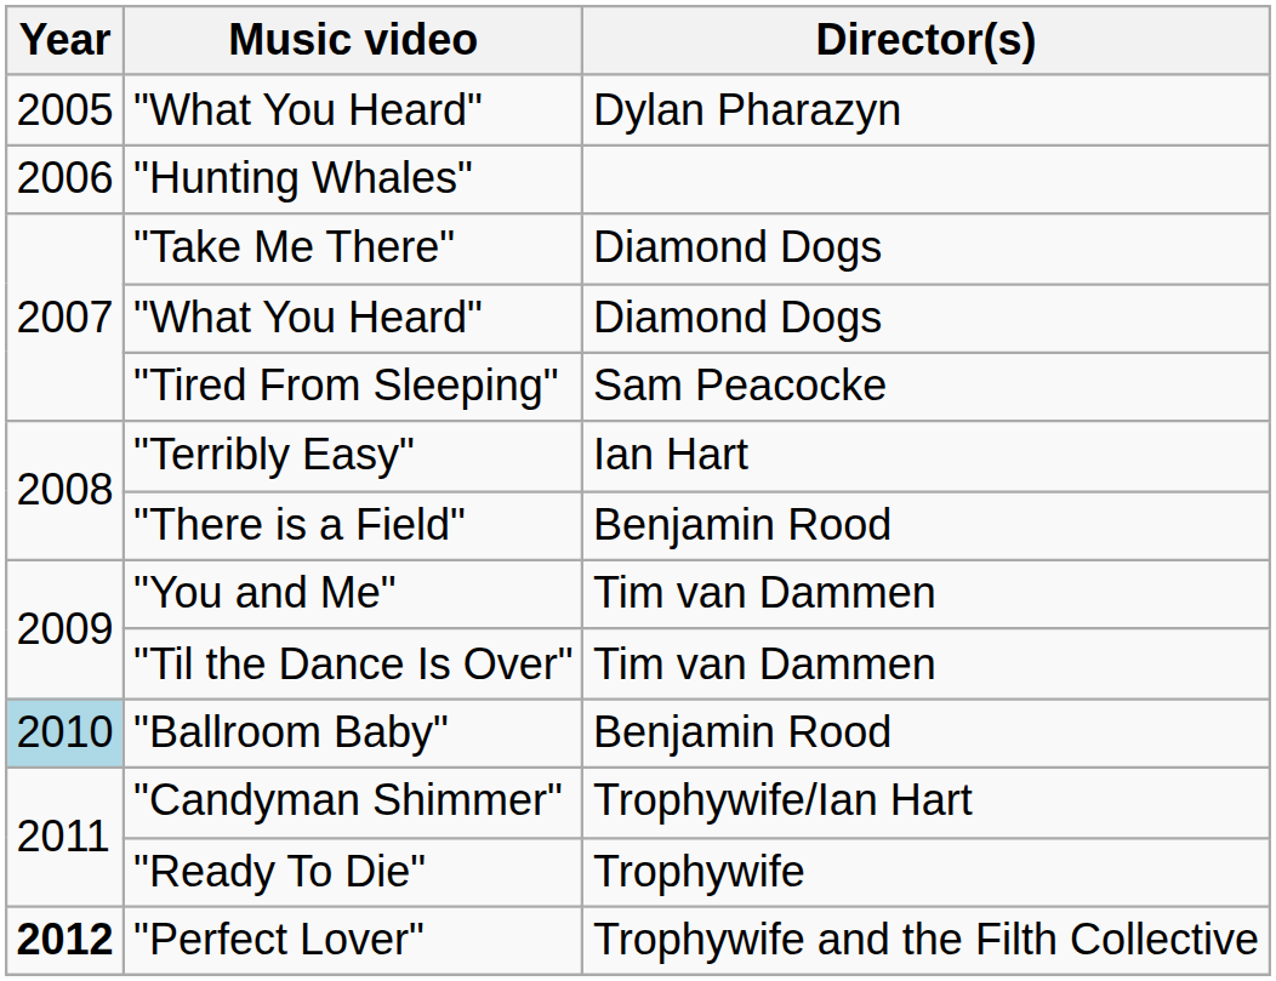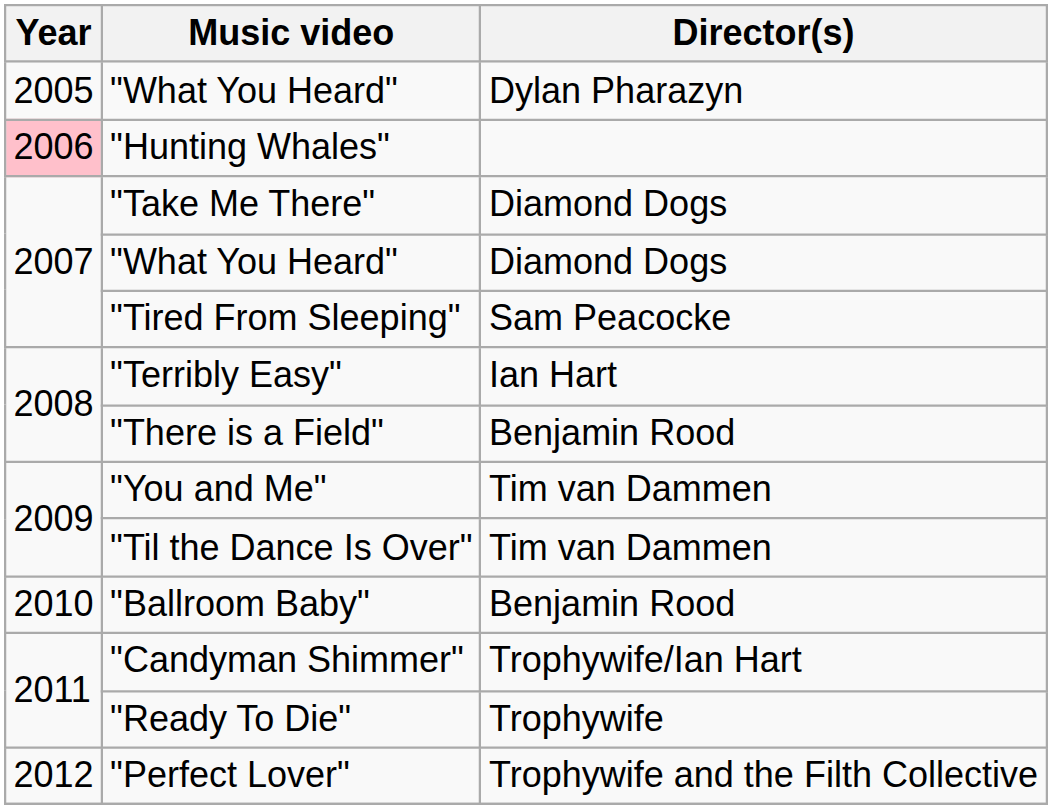 <table class="wikitable plainrowheaders">
 <tr>
 <th>Year</th>
 <th>Music video</th>
 <th>Director(s)</th>
 </tr>
 <tr>
 <td>2005</td>
 <td>"What You Heard"</td>
 <td>Dylan Pharazyn</td>
 </tr>
 <tr>
-<td>2006</td>
+<td style="background: pink;">2006</td>
 <td>"Hunting Whales"</td>
 <td></td>
 </tr>
 <tr>
 <td rowspan=3>2007</td>
 <td>"Take Me There"</td>
 <td>Diamond Dogs</td>
 </tr>
 <tr>
 <td>"What You Heard"</td>
 <td>Diamond Dogs</td>
 </tr>
 <tr>
 <td>"Tired From Sleeping"</td>
 <td>Sam Peacocke</td>
 </tr>
 <tr>
 <td rowspan=2>2008</td>
 <td>"Terribly Easy"</td>
 <td>Ian Hart</td>
 </tr>
 <tr>
 <td>"There is a Field"</td>
 <td>Benjamin Rood</td>
 </tr>
 <tr>
 <td rowspan=2>2009</td>
 <td>"You and Me"</td>
 <td>Tim van Dammen</td>
 </tr>
 <tr>
 <td>"Til the Dance Is Over"</td>
 <td>Tim van Dammen</td>
 </tr>
 <tr>
-<td style="background: lightblue;">2010</td>
+<td>2010</td>
 <td>"Ballroom Baby"</td>
 <td>Benjamin Rood</td>
 </tr>
 <tr>
 <td rowspan=2>2011</td>
 <td>"Candyman Shimmer"</td>
 <td>Trophywife/Ian Hart</td>
 </tr>
 <tr>
 <td>"Ready To Die"</td>
 <td>Trophywife</td>
 </tr>
 <tr>
-<td><strong>2012</strong></td>
+<td>2012</td>
 <td>"Perfect Lover"</td>
 <td>Trophywife and the Filth Collective</td>
 </tr>
 <tr>
 </tr>
 </table>
